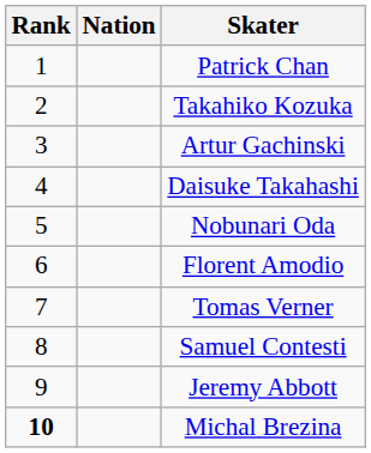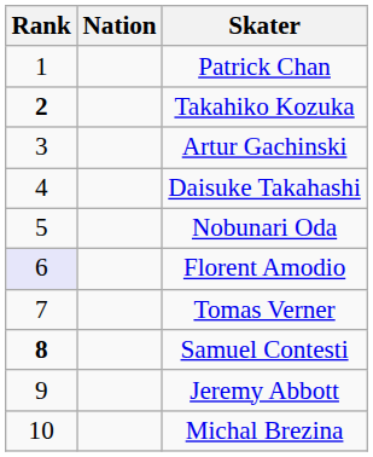 <table class="wikitable sortable" style="text-align: center;">
 <tr>
 <th rowspan="2">Rank</th>
 <th rowspan="2">Nation</th>
 <th rowspan="2">Skater</th>
 </tr>
 <tr>
 </tr>
 <tr>
 <td>1</td>
 <td "style=text-align: left;"></td>
 <td "style=text-align: left;"><a href='#'>Patrick Chan</a></td>
 </tr>
 <tr>
-<td>2</td>
+<td><strong>2</strong></td>
 <td "style=text-align: left;"></td>
 <td "style=text-align: left;"><a href='#'>Takahiko Kozuka</a></td>
 </tr>
 <tr>
 <td>3</td>
 <td "style=text-align: left;"></td>
 <td "style=text-align: left;"><a href='#'>Artur Gachinski</a></td>
 </tr>
 <tr>
 <td>4</td>
 <td "style=text-align: left;"></td>
 <td "style=text-align: left;"><a href='#'>Daisuke Takahashi</a></td>
 </tr>
 <tr>
 <td>5</td>
 <td "style=text-align: left;"></td>
 <td "style=text-align: left;"><a href='#'>Nobunari Oda</a></td>
 </tr>
 <tr>
-<td>6</td>
+<td style="background: lavender;">6</td>
 <td "style=text-align: left;"></td>
 <td "style=text-align: left;"><a href='#'>Florent Amodio</a></td>
 </tr>
 <tr>
 <td>7</td>
 <td "style=text-align: left;"></td>
 <td "style=text-align: left;"><a href='#'>Tomas Verner</a></td>
 </tr>
 <tr>
-<td>8</td>
+<td><strong>8</strong></td>
 <td "style=text-align: left;"></td>
 <td "style=text-align: left;"><a href='#'>Samuel Contesti</a></td>
 </tr>
 <tr>
 <td>9</td>
 <td "style=text-align: left;"></td>
 <td "style=text-align: left;"><a href='#'>Jeremy Abbott</a></td>
 </tr>
 <tr>
-<td><strong>10</strong></td>
+<td>10</td>
 <td "style=text-align: left;"></td>
 <td "style=text-align: left;"><a href='#'>Michal Brezina</a></td>
 </tr>
 </table>
